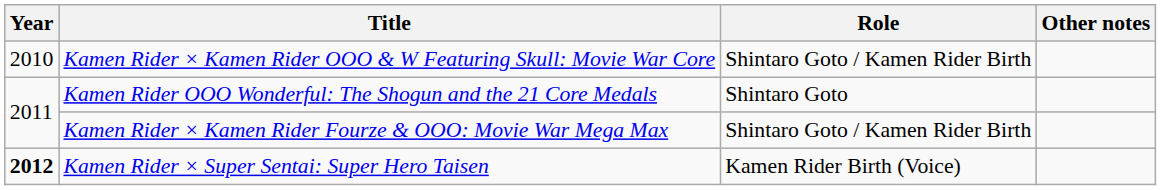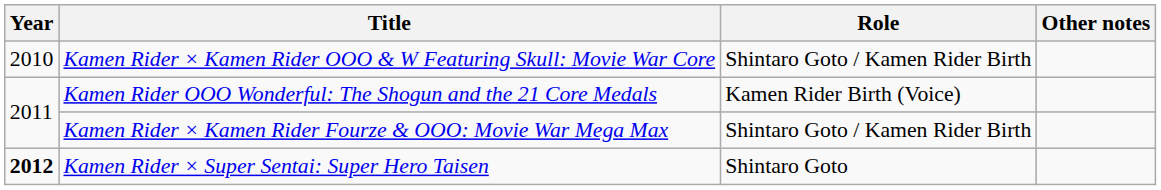 <table class="wikitable" style="font-size: 90%;">
 <tr>
 <th>Year</th>
 <th>Title</th>
 <th>Role</th>
 <th>Other notes</th>
 </tr>
 <tr>
 <td>2010</td>
 <td><em><a href='#'>Kamen Rider × Kamen Rider OOO & W Featuring Skull: Movie War Core</a></em></td>
 <td>Shintaro Goto / Kamen Rider Birth</td>
 <td></td>
 </tr>
 <tr>
 <td rowspan="2">2011</td>
 <td><em><a href='#'>Kamen Rider OOO Wonderful: The Shogun and the 21 Core Medals</a></em></td>
-<td>Shintaro Goto</td>
+<td>Kamen Rider Birth (Voice)</td>
 <td></td>
 </tr>
 <tr>
 <td><em><a href='#'>Kamen Rider × Kamen Rider Fourze & OOO: Movie War Mega Max</a></em></td>
 <td>Shintaro Goto / Kamen Rider Birth</td>
 <td></td>
 </tr>
 <tr>
 <td><strong>2012</strong></td>
 <td><em><a href='#'>Kamen Rider × Super Sentai: Super Hero Taisen</a></em></td>
-<td>Kamen Rider Birth (Voice)</td>
+<td>Shintaro Goto</td>
 <td></td>
 </tr>
 </table>
